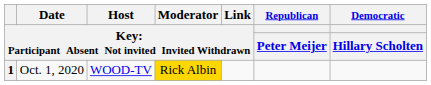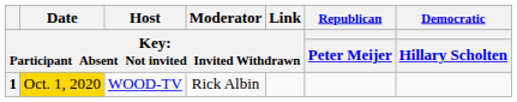 <table class="wikitable" style="text-align:center;">
 <tr>
 <th scope="col"></th>
 <th scope="col">Date</th>
 <th scope="col">Host</th>
 <th scope="col">Moderator</th>
 <th scope="col">Link</th>
 <th scope="col"><small><a href='#'>Republican</a></small></th>
 <th scope="col"><small><a href='#'>Democratic</a></small></th>
 </tr>
 <tr>
 <th colspan="5" rowspan="2">Key:<br> <small>Participant </small>  <small>Absent </small>  <small>Not invited </small>  <small>Invited  Withdrawn</small></th>
 <th scope="col" style="background:"></th>
 <th scope="col" style="background:"></th>
 </tr>
 <tr>
 <th scope="col"><a href='#'>Peter Meijer</a></th>
 <th scope="col"><a href='#'>Hillary Scholten</a></th>
 </tr>
 <tr>
 <th>1</th>
-<td style="white-space:nowrap;">Oct. 1, 2020</td>
+<td style="background: gold; white-space:nowrap;">Oct. 1, 2020</td>
 <td style="white-space:nowrap;"><a href='#'>WOOD-TV</a></td>
-<td style="background: gold; white-space:nowrap;">Rick Albin</td>
+<td style="white-space:nowrap;">Rick Albin</td>
 <td style="white-space:nowrap;"></td>
 <td></td>
 <td></td>
 </tr>
 </table>
